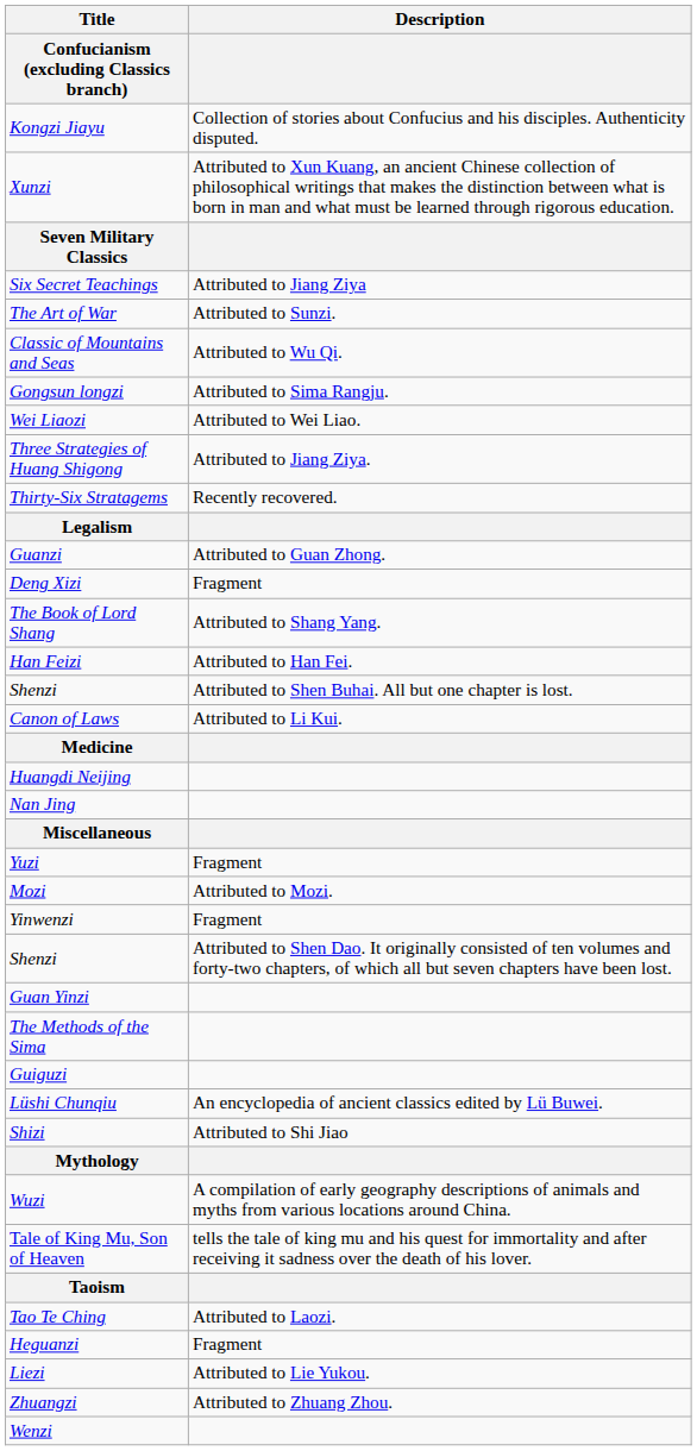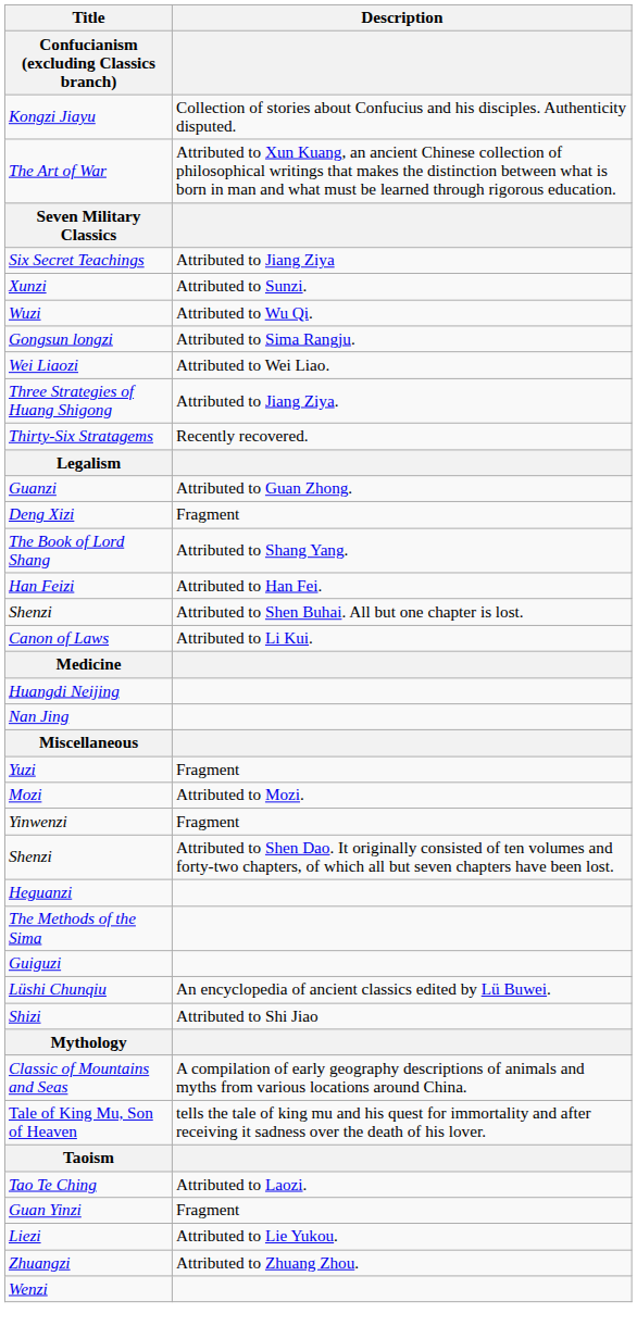 <table class=wikitable>
 <tr>
 <th>Title</th>
 <th>Description</th>
 </tr>
 <tr>
 <th>Confucianism (excluding Classics branch)</th>
 <th></th>
 </tr>
 <tr>
 <td><em><a href='#'>Kongzi Jiayu</a></em></td>
 <td>Collection of stories about Confucius and his disciples. Authenticity disputed.</td>
 </tr>
 <tr>
-<td><em><a href='#'>Xunzi</a></em></td>
+<td><em><a href='#'>The Art of War</a></em></td>
 <td>Attributed to <a href='#'>Xun Kuang</a>, an ancient Chinese collection of philosophical writings that makes the distinction between what is born in man and what must be learned through rigorous education.</td>
 </tr>
 <tr>
 <th>Seven Military Classics</th>
 <th></th>
 </tr>
 <tr>
 <td><em><a href='#'>Six Secret Teachings</a></em></td>
 <td>Attributed to <a href='#'>Jiang Ziya</a></td>
 </tr>
 <tr>
-<td><em><a href='#'>The Art of War</a></em></td>
+<td><em><a href='#'>Xunzi</a></em></td>
 <td>Attributed to <a href='#'>Sunzi</a>.</td>
 </tr>
 <tr>
-<td><em><a href='#'>Classic of Mountains and Seas</a></em></td>
+<td><em><a href='#'>Wuzi</a></em></td>
 <td>Attributed to <a href='#'>Wu Qi</a>.</td>
 </tr>
 <tr>
 <td><em><a href='#'>Gongsun longzi</a></em></td>
 <td>Attributed to <a href='#'>Sima Rangju</a>.</td>
 </tr>
 <tr>
 <td><em><a href='#'>Wei Liaozi</a></em></td>
 <td>Attributed to Wei Liao.</td>
 </tr>
 <tr>
 <td><em><a href='#'>Three Strategies of Huang Shigong</a></em></td>
 <td>Attributed to <a href='#'>Jiang Ziya</a>.</td>
 </tr>
 <tr>
 <td><em><a href='#'>Thirty-Six Stratagems</a></em></td>
 <td>Recently recovered.</td>
 </tr>
 <tr>
 <th>Legalism</th>
 <th></th>
 </tr>
 <tr>
 <td><em><a href='#'>Guanzi</a></em></td>
 <td>Attributed to <a href='#'>Guan Zhong</a>.</td>
 </tr>
 <tr>
 <td><em><a href='#'>Deng Xizi</a></em></td>
 <td>Fragment</td>
 </tr>
 <tr>
 <td><em><a href='#'>The Book of Lord Shang</a></em></td>
 <td>Attributed to <a href='#'>Shang Yang</a>.</td>
 </tr>
 <tr>
 <td><em><a href='#'>Han Feizi</a></em></td>
 <td>Attributed to <a href='#'>Han Fei</a>.</td>
 </tr>
 <tr>
 <td><em>Shenzi</em></td>
 <td>Attributed to <a href='#'>Shen Buhai</a>. All but one chapter is lost.</td>
 </tr>
 <tr>
 <td><em><a href='#'>Canon of Laws</a></em></td>
 <td>Attributed to <a href='#'>Li Kui</a>.</td>
 </tr>
 <tr>
 <th>Medicine</th>
 <th></th>
 </tr>
 <tr>
 <td><em><a href='#'>Huangdi Neijing</a></em></td>
 <td></td>
 </tr>
 <tr>
 <td><em><a href='#'>Nan Jing</a></em></td>
 <td></td>
 </tr>
 <tr>
 <th>Miscellaneous</th>
 <th></th>
 </tr>
 <tr>
 <td><em><a href='#'>Yuzi</a></em></td>
 <td>Fragment</td>
 </tr>
 <tr>
 <td><em><a href='#'>Mozi</a></em></td>
 <td>Attributed to <a href='#'>Mozi</a>.</td>
 </tr>
 <tr>
 <td><em>Yinwenzi</em></td>
 <td>Fragment</td>
 </tr>
 <tr>
 <td><em>Shenzi</em></td>
 <td>Attributed to <a href='#'>Shen Dao</a>. It originally consisted of ten volumes and forty-two chapters, of which all but seven chapters have been lost.</td>
 </tr>
 <tr>
-<td><em><a href='#'>Guan Yinzi</a></em></td>
+<td><em><a href='#'>Heguanzi</a></em></td>
 <td></td>
 </tr>
 <tr>
 <td><em><a href='#'>The Methods of the Sima</a></em></td>
 <td></td>
 </tr>
 <tr>
 <td><em><a href='#'>Guiguzi</a></em></td>
 <td></td>
 </tr>
 <tr>
 <td><em><a href='#'>Lüshi Chunqiu</a></em></td>
 <td>An encyclopedia of ancient classics edited by <a href='#'>Lü Buwei</a>.</td>
 </tr>
 <tr>
 <td><em><a href='#'>Shizi</a></em></td>
 <td>Attributed to Shi Jiao</td>
 </tr>
 <tr>
 <th>Mythology</th>
 <th></th>
 </tr>
 <tr>
-<td><em><a href='#'>Wuzi</a></em></td>
+<td><em><a href='#'>Classic of Mountains and Seas</a></em></td>
 <td>A compilation of early geography descriptions of animals and myths from various locations around China.</td>
 </tr>
 <tr>
 <td><a href='#'>Tale of King Mu, Son of Heaven</a></td>
 <td>tells the tale of king mu and his quest for immortality and after receiving it sadness over the death of his lover.</td>
 </tr>
 <tr>
 <th>Taoism</th>
 <th></th>
 </tr>
 <tr>
 <td><em><a href='#'>Tao Te Ching</a></em></td>
 <td>Attributed to <a href='#'>Laozi</a>.</td>
 </tr>
 <tr>
-<td><em><a href='#'>Heguanzi</a></em></td>
+<td><em><a href='#'>Guan Yinzi</a></em></td>
 <td>Fragment</td>
 </tr>
 <tr>
 <td><em><a href='#'>Liezi</a></em></td>
 <td>Attributed to <a href='#'>Lie Yukou</a>.</td>
 </tr>
 <tr>
 <td><em><a href='#'>Zhuangzi</a></em></td>
 <td>Attributed to <a href='#'>Zhuang Zhou</a>.</td>
 </tr>
 <tr>
 <td><em><a href='#'>Wenzi</a></em></td>
 <td></td>
 </tr>
 </table>
